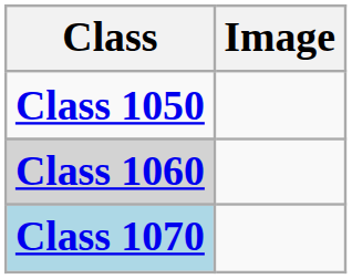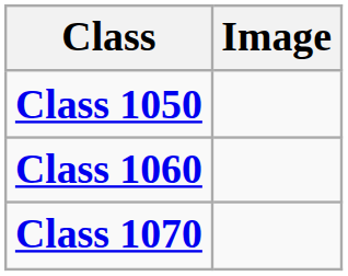 <table class="wikitable sortable">
 <tr>
 <th>Class</th>
 <th class="unsortable">Image</th>
 </tr>
 <tr>
 <td><strong><a href='#'>Class 1050</a></strong></td>
 <td></td>
 </tr>
 <tr>
-<td style="background: lightgrey;"><strong><a href='#'>Class 1060</a></strong></td>
+<td><strong><a href='#'>Class 1060</a></strong></td>
 <td></td>
 </tr>
 <tr>
-<td style="background: lightblue;"><strong><a href='#'>Class 1070</a></strong></td>
+<td><strong><a href='#'>Class 1070</a></strong></td>
 <td></td>
 </tr>
 </table>
